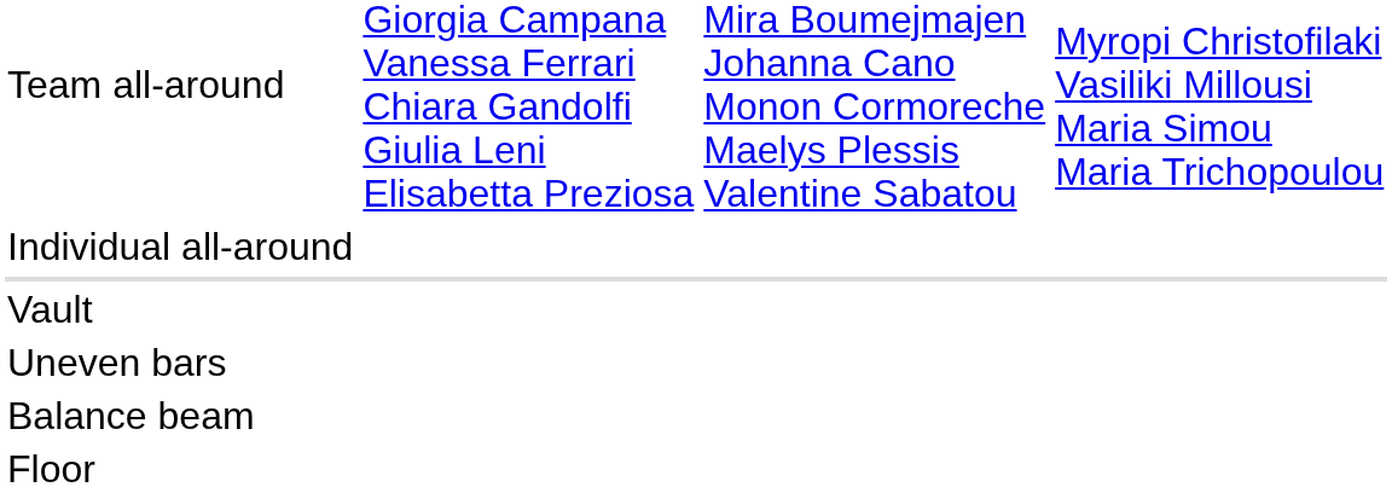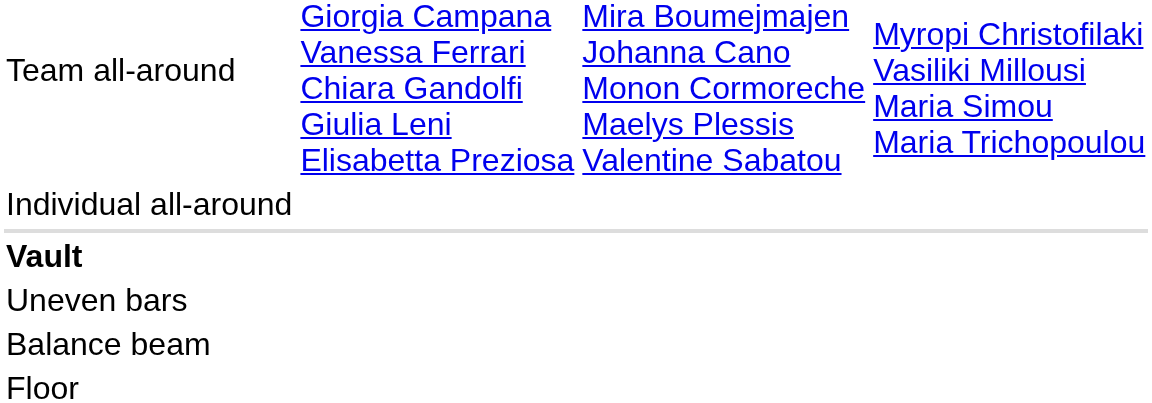 <table>
 <tr>
 <td>Team all-around<br></td>
 <td><br><a href='#'>Giorgia Campana</a><br><a href='#'>Vanessa Ferrari</a><br><a href='#'>Chiara Gandolfi</a><br><a href='#'>Giulia Leni</a><br><a href='#'>Elisabetta Preziosa</a></td>
 <td><br><a href='#'>Mira Boumejmajen</a><br><a href='#'>Johanna Cano</a><br><a href='#'>Monon Cormoreche</a><br><a href='#'>Maelys Plessis</a><br><a href='#'>Valentine Sabatou</a></td>
 <td><br><a href='#'>Myropi Christofilaki</a><br><a href='#'>Vasiliki Millousi</a><br><a href='#'>Maria Simou</a><br><a href='#'>Maria Trichopoulou</a></td>
 </tr>
 <tr>
 <td>Individual all-around<br></td>
 <td></td>
 <td></td>
 <td></td>
 </tr>
 <tr bgcolor=#DDDDDD>
 <td colspan=7></td>
 </tr>
 <tr>
-<td>Vault<br></td>
+<td><strong>Vault<br></strong></td>
 <td></td>
 <td></td>
 <td></td>
 </tr>
 <tr>
 <td>Uneven bars<br></td>
 <td></td>
 <td></td>
 <td></td>
 </tr>
 <tr>
 <td>Balance beam<br></td>
 <td></td>
 <td></td>
 <td></td>
 </tr>
 <tr>
 <td>Floor<br></td>
 <td></td>
 <td></td>
 <td></td>
 </tr>
 </table>
